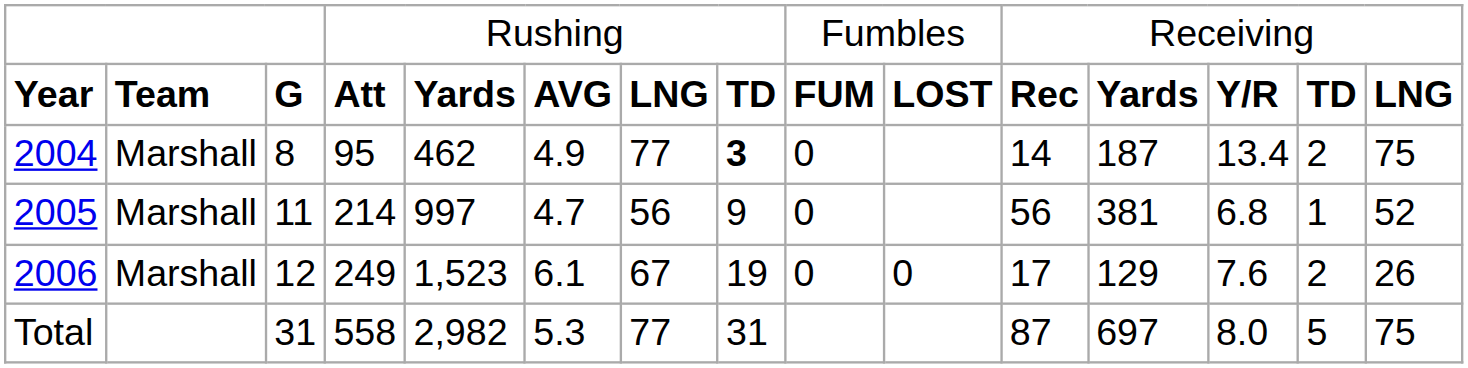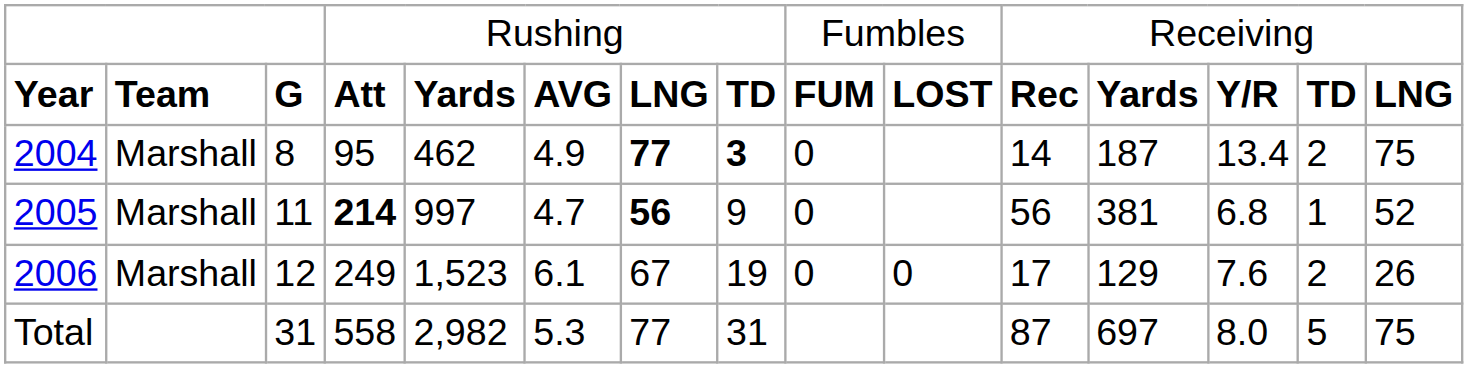 <table class="wikitable" style="background:#fff;">
 <tr>
 <td colspan=3></td>
 <td colspan="5" style="text-align:center;">Rushing</td>
 <td colspan="2" style="text-align:center;">Fumbles</td>
 <td colspan="5" style="text-align:center;">Receiving</td>
 </tr>
 <tr>
 <td><strong>Year</strong></td>
 <td><strong>Team</strong></td>
 <td><strong>G</strong></td>
 <td><strong>Att</strong></td>
 <td><strong>Yards</strong></td>
 <td><strong>AVG</strong></td>
 <td><strong>LNG</strong></td>
 <td><strong>TD</strong></td>
 <td><strong>FUM</strong></td>
 <td><strong>LOST</strong></td>
 <td><strong>Rec</strong></td>
 <td><strong>Yards</strong></td>
 <td><strong>Y/R</strong></td>
 <td><strong>TD</strong></td>
 <td><strong>LNG</strong></td>
 </tr>
 <tr>
 <td><a href='#'>2004</a></td>
 <td>Marshall</td>
 <td>8</td>
 <td>95</td>
 <td>462</td>
 <td>4.9</td>
-<td>77</td>
+<td><strong>77</strong></td>
 <td><strong>3</strong></td>
 <td>0</td>
 <td></td>
 <td>14</td>
 <td>187</td>
 <td>13.4</td>
 <td>2</td>
 <td>75</td>
 </tr>
 <tr>
 <td><a href='#'>2005</a></td>
 <td>Marshall</td>
 <td>11</td>
-<td>214</td>
+<td><strong>214</strong></td>
 <td>997</td>
 <td>4.7</td>
-<td>56</td>
+<td><strong>56</strong></td>
 <td>9</td>
 <td>0</td>
 <td></td>
 <td>56</td>
 <td>381</td>
 <td>6.8</td>
 <td>1</td>
 <td>52</td>
 </tr>
 <tr>
 <td><a href='#'>2006</a></td>
 <td>Marshall</td>
 <td>12</td>
 <td>249</td>
 <td>1,523</td>
 <td>6.1</td>
 <td>67</td>
 <td>19</td>
 <td>0</td>
 <td>0</td>
 <td>17</td>
 <td>129</td>
 <td>7.6</td>
 <td>2</td>
 <td>26</td>
 </tr>
 <tr>
 <td>Total</td>
 <td></td>
 <td>31</td>
 <td>558</td>
 <td>2,982</td>
 <td>5.3</td>
 <td>77</td>
 <td>31</td>
 <td></td>
 <td></td>
 <td>87</td>
 <td>697</td>
 <td>8.0</td>
 <td>5</td>
 <td>75</td>
 </tr>
 </table>
